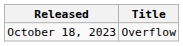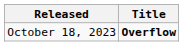 <table class="wikitable">
 <tr>
 <th>Released</th>
 <th>Title</th>
 </tr>
 <tr>
 <td>October 18, 2023</td>
-<td>Overflow</td>
+<td><strong>Overflow</strong></td>
 </tr>
 </table>
